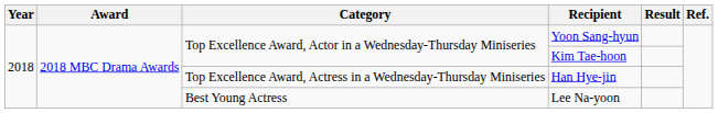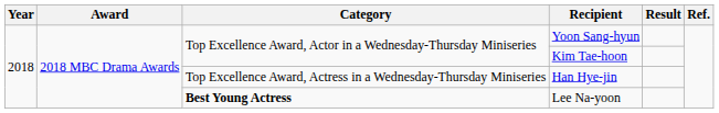 <table class="wikitable">
 <tr>
 <th>Year</th>
 <th>Award</th>
 <th>Category</th>
 <th>Recipient</th>
 <th>Result</th>
 <th>Ref.</th>
 </tr>
 <tr>
 <td rowspan=4>2018</td>
 <td rowspan=4><a href='#'>2018 MBC Drama Awards</a></td>
 <td rowspan=2>Top Excellence Award, Actor in a Wednesday-Thursday Miniseries</td>
 <td><a href='#'>Yoon Sang-hyun</a></td>
 <td></td>
 <td rowspan=4></td>
 </tr>
 <tr>
 <td><a href='#'>Kim Tae-hoon</a></td>
 <td></td>
 </tr>
 <tr>
 <td>Top Excellence Award, Actress in a Wednesday-Thursday Miniseries</td>
 <td><a href='#'>Han Hye-jin</a></td>
 <td></td>
 </tr>
 <tr>
-<td>Best Young Actress</td>
+<td><strong>Best Young Actress</strong></td>
 <td>Lee Na-yoon</td>
 <td></td>
 </tr>
 </table>
